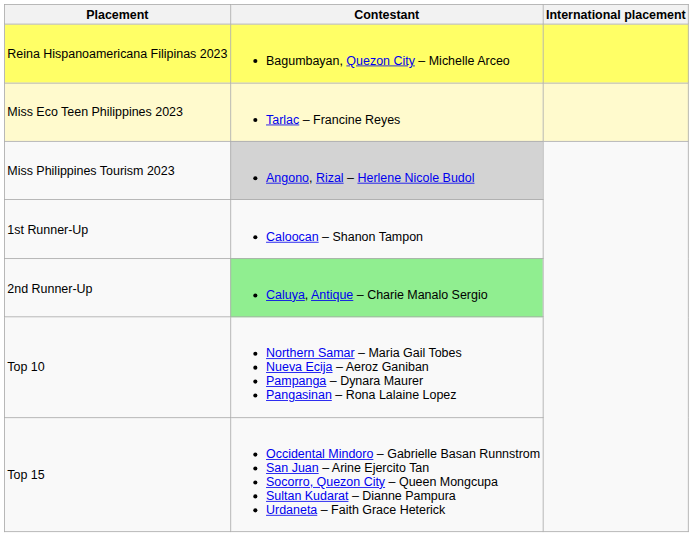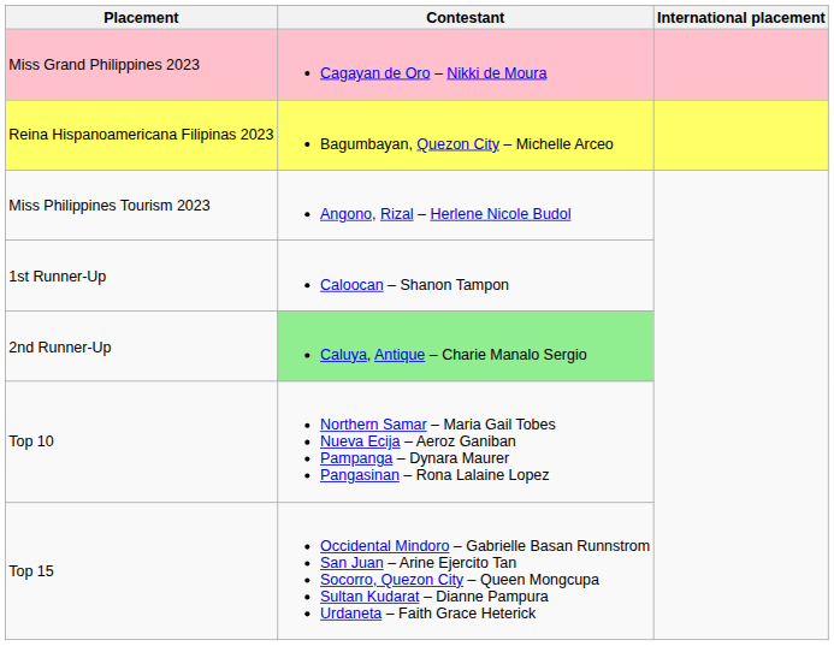 <table class="wikitable" style="font-size:95%;">
 <tr>
 <th>Placement</th>
 <th>Contestant</th>
 <th>International placement</th>
 </tr>
+<tr style="background:pink;">
+<td>Miss Grand Philippines 2023</td>
+<td><br><ul><li><a href='#'>Cagayan de Oro</a> – <a href='#'>Nikki de Moura</a></li></ul></td>
+<td></td>
+</tr>
 <tr style="background:#FFFF66">
 <td>Reina Hispanoamericana Filipinas 2023</td>
 <td><br><ul><li>Bagumbayan, <a href='#'>Quezon City</a> – Michelle Arceo</li></ul></td>
 <td></td>
 </tr>
-<tr style="background:#FFFACD;">
-<td>Miss Eco Teen Philippines 2023</td>
-<td><br><ul><li><a href='#'>Tarlac</a> – Francine Reyes</li></ul></td>
-<td></td>
-</tr>
 <tr>
 <td>Miss Philippines Tourism 2023</td>
-<td style="background: lightgrey;"><br><ul><li><a href='#'>Angono</a>, <a href='#'>Rizal</a> – <a href='#'>Herlene Nicole Budol</a></li></ul></td>
+<td><br><ul><li><a href='#'>Angono</a>, <a href='#'>Rizal</a> – <a href='#'>Herlene Nicole Budol</a></li></ul></td>
 </tr>
 <tr>
 <td>1st Runner-Up</td>
 <td><br><ul><li><a href='#'>Caloocan</a> – Shanon Tampon</li></ul></td>
 </tr>
 <tr>
 <td>2nd Runner-Up</td>
 <td style="background: lightgreen;"><br><ul><li><a href='#'>Caluya</a>, <a href='#'>Antique</a> – Charie Manalo Sergio</li></ul></td>
 </tr>
 <tr>
 <td>Top 10</td>
 <td><br><ul><li><a href='#'>Northern Samar</a> – Maria Gail Tobes</li><li><a href='#'>Nueva Ecija</a> – Aeroz Ganiban</li><li><a href='#'>Pampanga</a> – Dynara Maurer</li><li><a href='#'>Pangasinan</a> – Rona Lalaine Lopez</li></ul></td>
 </tr>
 <tr>
 <td>Top 15</td>
 <td><br><ul><li><a href='#'>Occidental Mindoro</a> – Gabrielle Basan Runnstrom</li><li><a href='#'>San Juan</a> – Arine Ejercito Tan</li><li><a href='#'>Socorro, Quezon City</a> – Queen Mongcupa</li><li><a href='#'>Sultan Kudarat</a> – Dianne Pampura</li><li><a href='#'>Urdaneta</a> – Faith Grace Heterick</li></ul></td>
 </tr>
 </table>
